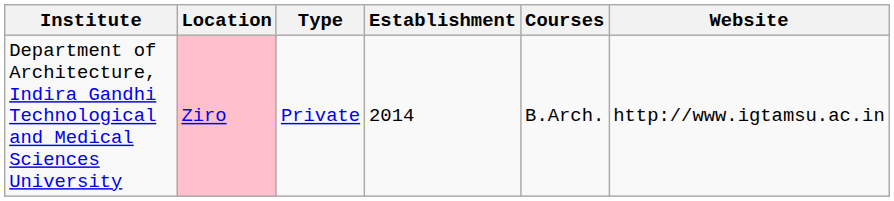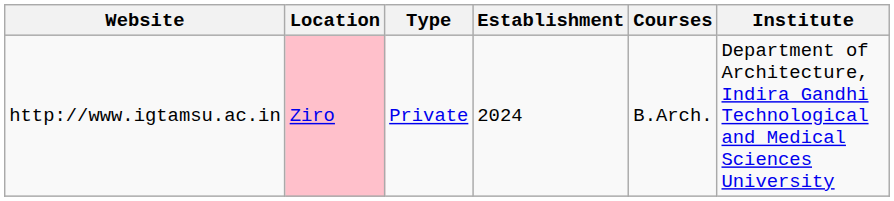 <table class="wikitable sortable">
 <tr>
-<th>Institute</th>
+<th>Website</th>
 <th>Location</th>
 <th>Type</th>
 <th>Establishment</th>
 <th>Courses</th>
-<th>Website</th>
+<th>Institute</th>
 </tr>
 <tr>
-<td>Department of Architecture, <a href='#'>Indira Gandhi Technological and Medical Sciences University</a></td>
+<td>http://www.igtamsu.ac.in</td>
 <td style="background: pink;"><a href='#'>Ziro</a></td>
 <td><a href='#'>Private</a></td>
-<td>2014</td>
+<td>2024</td>
 <td>B.Arch.</td>
-<td>http://www.igtamsu.ac.in</td>
+<td>Department of Architecture, <a href='#'>Indira Gandhi Technological and Medical Sciences University</a></td>
 </tr>
 </table>
